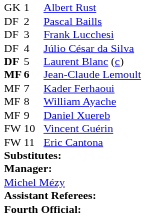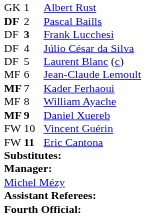 <table style=font-size:90% cellspacing=0 cellpadding=0>
 <tr>
 <td colspan=4></td>
 </tr>
 <tr>
 <th width=25></th>
 <th width=25></th>
 </tr>
 <tr>
 <td>GK</td>
 <td>1</td>
 <td> <a href='#'>Albert Rust</a></td>
 </tr>
 <tr>
-<td>DF</td>
+<td><strong>DF</strong></td>
 <td>2</td>
 <td> <a href='#'>Pascal Baills</a></td>
 <td></td>
 </tr>
 <tr>
 <td>DF</td>
-<td>3</td>
+<td><strong>3</strong></td>
 <td> <a href='#'>Frank Lucchesi</a></td>
 </tr>
 <tr>
 <td>DF</td>
 <td>4</td>
 <td> <a href='#'>Júlio César da Silva</a></td>
 </tr>
 <tr>
-<td><strong>DF</strong></td>
+<td>DF</td>
 <td>5</td>
 <td> <a href='#'>Laurent Blanc</a> (<a href='#'>c</a>)</td>
 <td></td>
 </tr>
 <tr>
-<td><strong>MF</strong></td>
-<td><strong>6</strong></td>
+<td>MF</td>
+<td>6</td>
 <td> <a href='#'>Jean-Claude Lemoult</a></td>
 </tr>
 <tr>
-<td>MF</td>
+<td><strong>MF</strong></td>
 <td>7</td>
 <td> <a href='#'>Kader Ferhaoui</a></td>
 </tr>
 <tr>
 <td>MF</td>
 <td>8</td>
 <td> <a href='#'>William Ayache</a></td>
 </tr>
 <tr>
-<td>MF</td>
-<td>9</td>
+<td><strong>MF</strong></td>
+<td><strong>9</strong></td>
 <td> <a href='#'>Daniel Xuereb</a></td>
 </tr>
 <tr>
 <td>FW</td>
 <td>10</td>
 <td> <a href='#'>Vincent Guérin</a></td>
 </tr>
 <tr>
 <td>FW</td>
-<td>11</td>
+<td><strong>11</strong></td>
 <td> <a href='#'>Eric Cantona</a></td>
 <td></td>
 </tr>
 <tr>
 <td colspan=3><strong>Substitutes:</strong></td>
 </tr>
 <tr>
 <td colspan=3><strong>Manager:</strong></td>
 </tr>
 <tr>
 <td colspan=4> <a href='#'>Michel Mézy</a><br><strong>Assistant Referees:</strong><br> <strong>Fourth Official:</strong><br></td>
 </tr>
 </table>
